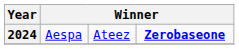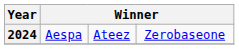 <table class="wikitable plainrowheaders" style="text-align:center">
 <tr>
 <th scope="col">Year</th>
 <th scope="col" width="200" colspan="3">Winner</th>
 </tr>
 <tr>
 <th scope="row">2024</th>
 <td><a href='#'>Aespa</a></td>
 <td><a href='#'>Ateez</a></td>
-<td><strong><a href='#'>Zerobaseone</a></strong></td>
+<td><a href='#'>Zerobaseone</a></td>
 </tr>
 <tr>
 </tr>
 </table>
